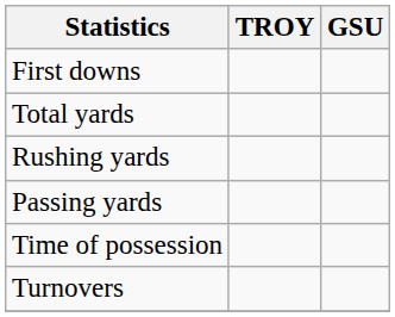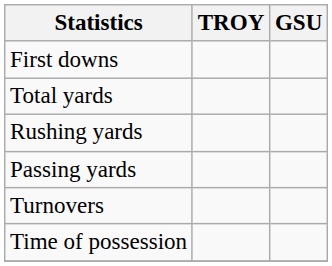 <table class="wikitable" style="float: left;">
 <tr>
 <th>Statistics</th>
 <th>TROY</th>
 <th>GSU</th>
 </tr>
 <tr>
 <td>First downs</td>
 <td></td>
 <td></td>
 </tr>
 <tr>
 <td>Total yards</td>
 <td></td>
 <td></td>
 </tr>
 <tr>
 <td>Rushing yards</td>
 <td></td>
 <td></td>
 </tr>
 <tr>
 <td>Passing yards</td>
 <td></td>
 <td></td>
 </tr>
 <tr>
-<td>Time of possession</td>
+<td>Turnovers</td>
 <td></td>
 <td></td>
 </tr>
 <tr>
-<td>Turnovers</td>
+<td>Time of possession</td>
 <td></td>
 <td></td>
 </tr>
 <tr>
 </tr>
 </table>
